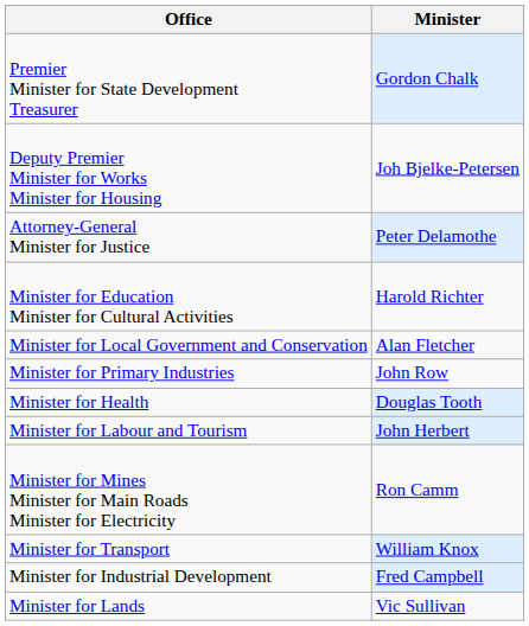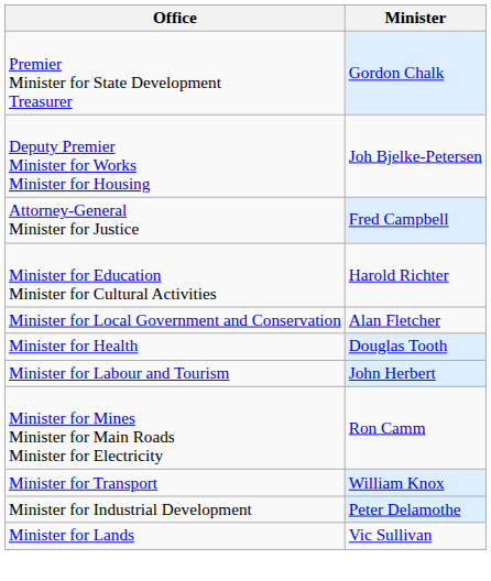 <table class="wikitable">
 <tr>
 <th>Office</th>
 <th>Minister</th>
 </tr>
 <tr>
 <td><br><a href='#'>Premier</a><br> Minister for State Development<br> <a href='#'>Treasurer</a><br></td>
 <td style="background:#DDEEFF"><a href='#'>Gordon Chalk</a></td>
 </tr>
 <tr>
 <td><br><a href='#'>Deputy Premier</a><br> <a href='#'>Minister for Works</a><br> <a href='#'>Minister for Housing</a><br></td>
 <td><a href='#'>Joh Bjelke-Petersen</a></td>
 </tr>
 <tr>
 <td><a href='#'>Attorney-General</a><br>Minister for Justice</td>
-<td style="background:#DDEEFF"><a href='#'>Peter Delamothe</a></td>
+<td style="background:#DDEEFF"><a href='#'>Fred Campbell</a></td>
 </tr>
 <tr>
 <td><br><a href='#'>Minister for Education</a><br> Minister for Cultural Activities</td>
 <td><a href='#'>Harold Richter</a></td>
 </tr>
 <tr>
 <td><a href='#'>Minister for Local Government and Conservation</a></td>
 <td><a href='#'>Alan Fletcher</a></td>
-</tr>
-<tr>
-<td><a href='#'>Minister for Primary Industries</a></td>
-<td><a href='#'>John Row</a></td>
 </tr>
 <tr>
 <td><a href='#'>Minister for Health</a></td>
 <td style="background:#DDEEFF"><a href='#'>Douglas Tooth</a></td>
 </tr>
 <tr>
 <td><a href='#'>Minister for Labour and Tourism</a></td>
 <td style="background:#DDEEFF"><a href='#'>John Herbert</a></td>
 </tr>
 <tr>
 <td><br><a href='#'>Minister for Mines</a><br> Minister for Main Roads<br> Minister for Electricity</td>
 <td><a href='#'>Ron Camm</a></td>
 </tr>
 <tr>
 <td><a href='#'>Minister for Transport</a></td>
 <td style="background:#DDEEFF"><a href='#'>William Knox</a></td>
 </tr>
 <tr>
 <td>Minister for Industrial Development</td>
-<td style="background:#DDEEFF"><a href='#'>Fred Campbell</a></td>
+<td style="background:#DDEEFF"><a href='#'>Peter Delamothe</a></td>
 </tr>
 <tr>
 <td><a href='#'>Minister for Lands</a></td>
 <td><a href='#'>Vic Sullivan</a></td>
 </tr>
 </table>
